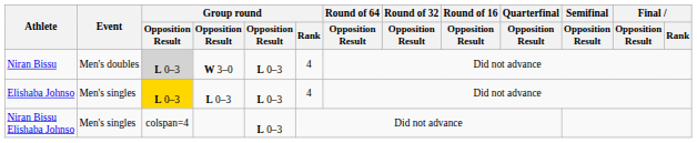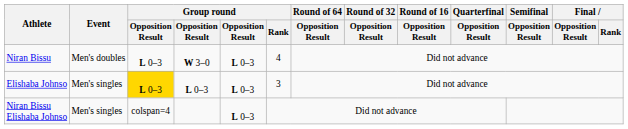 <table class="wikitable" style="font-size:90%;">
 <tr>
 <th rowspan=2>Athlete</th>
 <th rowspan=2>Event</th>
 <th colspan=4>Group round</th>
 <th>Round of 64</th>
 <th>Round of 32</th>
 <th>Round of 16</th>
 <th>Quarterfinal</th>
 <th>Semifinal</th>
 <th colspan=2>Final / </th>
 </tr>
 <tr style="font-size:95%">
 <th>Opposition<br>Result</th>
 <th>Opposition<br>Result</th>
 <th>Opposition<br>Result</th>
 <th>Rank</th>
 <th>Opposition<br>Result</th>
 <th>Opposition<br>Result</th>
 <th>Opposition<br>Result</th>
 <th>Opposition<br>Result</th>
 <th>Opposition<br>Result</th>
 <th>Opposition<br>Result</th>
 <th>Rank</th>
 </tr>
 <tr align=center>
 <td align=left><a href='#'>Niran Bissu</a></td>
 <td align=left>Men's doubles</td>
-<td style="background: lightgrey;"><br> <strong>L</strong> 0–3</td>
+<td><br> <strong>L</strong> 0–3</td>
 <td><br> <strong>W</strong> 3–0</td>
 <td><br> <strong>L</strong> 0–3</td>
 <td>4</td>
 <td colspan=7>Did not advance</td>
 </tr>
 <tr align=center>
 <td align=left><a href='#'>Elishaba Johnso</a></td>
 <td align=left>Men's singles</td>
 <td style="background: gold;"><br> <strong>L</strong> 0–3</td>
 <td><br> <strong>L</strong> 0–3</td>
 <td><br> <strong>L</strong> 0–3</td>
-<td>4</td>
+<td>3</td>
 <td colspan=7>Did not advance</td>
 </tr>
 <tr align=center>
 <td align=left><a href='#'>Niran Bissu</a><br><a href='#'>Elishaba Johnso </a></td>
 <td align=left>Men's singles</td>
 <td>colspan=4  </td>
 <td></td>
 <td><br> <strong>L</strong> 0–3</td>
 <td colspan=5>Did not advance</td>
 </tr>
 </table>
